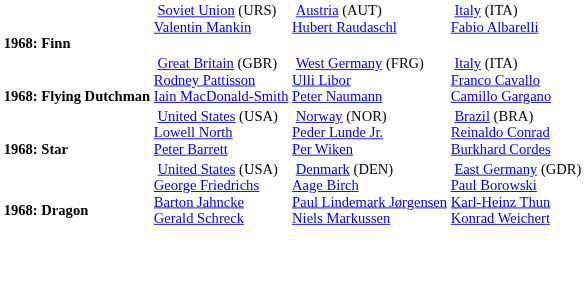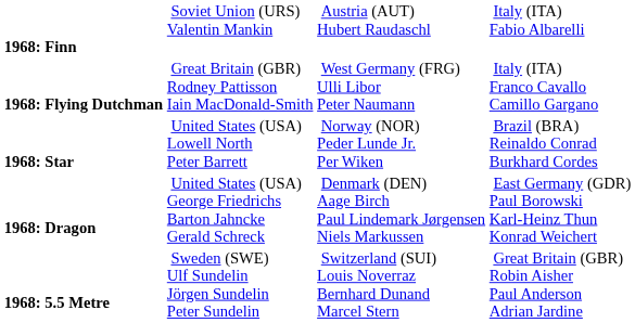 <table>
 <tr>
 <td style="align:center;"><br><br><strong>1968: Finn</strong> <br></td>
 <td style="vertical-align:top;"> <a href='#'>Soviet Union</a> <span>(URS)</span><br><a href='#'>Valentin Mankin</a></td>
 <td style="vertical-align:top;"> <a href='#'>Austria</a> <span>(AUT)</span><br><a href='#'>Hubert Raudaschl</a></td>
 <td style="vertical-align:top;"> <a href='#'>Italy</a> <span>(ITA)</span><br><a href='#'>Fabio Albarelli</a></td>
 </tr>
 <tr>
 <td style="align:center;"><br><br><strong>1968: Flying Dutchman</strong> <br></td>
 <td style="vertical-align:top;"> <a href='#'>Great Britain</a> <span>(GBR)</span><br><a href='#'>Rodney Pattisson</a><br><a href='#'>Iain MacDonald-Smith</a></td>
 <td style="vertical-align:top;"> <a href='#'>West Germany</a> <span>(FRG)</span><br><a href='#'>Ulli Libor</a><br><a href='#'>Peter Naumann</a></td>
 <td style="vertical-align:top;"> <a href='#'>Italy</a> <span>(ITA)</span><br><a href='#'>Franco Cavallo</a><br><a href='#'>Camillo Gargano</a></td>
 </tr>
 <tr>
 <td style="align:center;"><br><br><strong>1968: Star</strong> <br></td>
 <td style="vertical-align:top;"> <a href='#'>United States</a> <span>(USA)</span><br><a href='#'>Lowell North</a><br><a href='#'>Peter Barrett</a></td>
 <td style="vertical-align:top;"> <a href='#'>Norway</a> <span>(NOR)</span><br><a href='#'>Peder Lunde Jr.</a><br><a href='#'>Per Wiken</a></td>
 <td style="vertical-align:top;"> <a href='#'>Brazil</a> <span>(BRA)</span><br><a href='#'>Reinaldo Conrad</a><br><a href='#'>Burkhard Cordes</a></td>
 </tr>
 <tr>
 <td style="align:center;"><br><br><strong>1968: Dragon</strong> <br></td>
 <td style="vertical-align:top;"> <a href='#'>United States</a> <span>(USA)</span><br><a href='#'>George Friedrichs</a><br><a href='#'>Barton Jahncke</a><br><a href='#'>Gerald Schreck</a></td>
 <td style="vertical-align:top;"> <a href='#'>Denmark</a> <span>(DEN)</span><br><a href='#'>Aage Birch</a><br><a href='#'>Paul Lindemark Jørgensen</a><br><a href='#'>Niels Markussen</a></td>
 <td style="vertical-align:top;"> <a href='#'>East Germany</a> <span>(GDR)</span><br><a href='#'>Paul Borowski</a><br><a href='#'>Karl-Heinz Thun</a><br><a href='#'>Konrad Weichert</a></td>
 </tr>
+<tr>
+<td style="align:center;"><br><br><strong>1968: 5.5 Metre</strong> <br></td>
+<td style="vertical-align:top;"> <a href='#'>Sweden</a> <span>(SWE)</span><br><a href='#'>Ulf Sundelin</a><br><a href='#'>Jörgen Sundelin</a><br><a href='#'>Peter Sundelin</a></td>
+<td style="vertical-align:top;"> <a href='#'>Switzerland</a> <span>(SUI)</span><br><a href='#'>Louis Noverraz</a><br><a href='#'>Bernhard Dunand</a><br><a href='#'>Marcel Stern</a></td>
+<td style="vertical-align:top;"> <a href='#'>Great Britain</a> <span>(GBR)</span><br><a href='#'>Robin Aisher</a><br><a href='#'>Paul Anderson</a><br><a href='#'>Adrian Jardine</a></td>
+</tr>
 </table>
